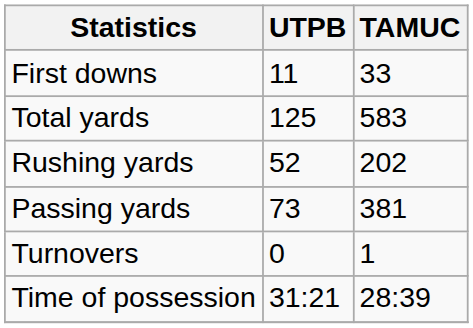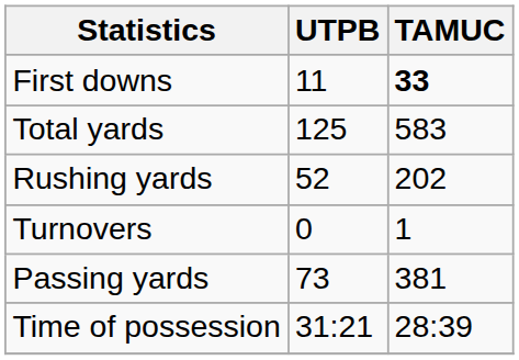 <table class="wikitable" style="float: left;">
 <tr>
 <th>Statistics</th>
 <th>UTPB</th>
 <th>TAMUC</th>
 </tr>
 <tr>
 <td>First downs</td>
 <td>11</td>
-<td>33</td>
+<td><strong>33</strong></td>
 </tr>
 <tr>
 <td>Total yards</td>
 <td>125</td>
 <td>583</td>
 </tr>
 <tr>
 <td>Rushing yards</td>
 <td>52</td>
 <td>202</td>
 </tr>
 <tr>
+<td>Turnovers</td>
+<td>0</td>
+<td>1</td>
+</tr>
+<tr>
 <td>Passing yards</td>
 <td>73</td>
 <td>381</td>
-</tr>
-<tr>
-<td>Turnovers</td>
-<td>0</td>
-<td>1</td>
 </tr>
 <tr>
 <td>Time of possession</td>
 <td>31:21</td>
 <td>28:39</td>
 </tr>
 <tr>
 </tr>
 </table>
